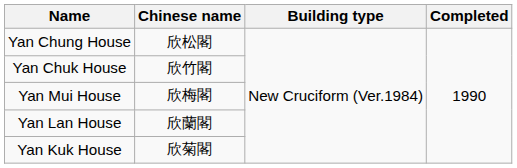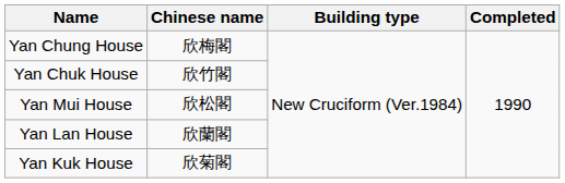 <table class="wikitable" style="text-align: center">
 <tr>
 <th>Name</th>
 <th>Chinese name</th>
 <th>Building type</th>
 <th>Completed</th>
 </tr>
 <tr>
 <td>Yan Chung House</td>
-<td>欣松閣</td>
+<td>欣梅閣</td>
 <td rowspan="5">New Cruciform (Ver.1984)</td>
 <td rowspan="5">1990</td>
 </tr>
 <tr>
 <td>Yan Chuk House</td>
 <td>欣竹閣</td>
 </tr>
 <tr>
 <td>Yan Mui House</td>
-<td>欣梅閣</td>
+<td>欣松閣</td>
 </tr>
 <tr>
 <td>Yan Lan House</td>
 <td>欣蘭閣</td>
 </tr>
 <tr>
 <td>Yan Kuk House</td>
 <td>欣菊閣</td>
 </tr>
 </table>
